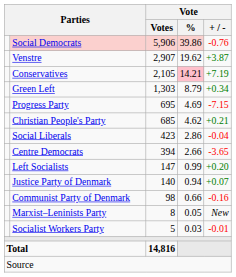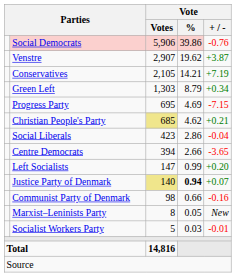 <table class="wikitable" style="text-align:right;">
 <tr>
 <th style="text-align:centre;" rowspan="2" colspan="2" width="225">Parties</th>
 <th colspan="3">Vote</th>
 </tr>
 <tr>
 <th width="15">Votes</th>
 <th width="15">%</th>
 <th width="15">+ / -</th>
 </tr>
 <tr>
 <td width="2" style="color:inherit;background:"></td>
 <td bgcolor=#fbd0ce  align="left"><a href='#'>Social Democrats</a></td>
 <td bgcolor=#fbd0ce>5,906</td>
 <td bgcolor=#fbd0ce>39.86</td>
 <td style=color:red;>-0.76</td>
 </tr>
 <tr>
 <td width="2" style="color:inherit;background:"></td>
 <td align="left"><a href='#'>Venstre</a></td>
 <td>2,907</td>
 <td>19.62</td>
 <td style=color:green;>+3.87</td>
 </tr>
 <tr>
 <td width="2" style="color:inherit;background:"></td>
 <td align="left"><a href='#'>Conservatives</a></td>
 <td>2,105</td>
-<td style="background: pink;">14.21</td>
+<td>14.21</td>
 <td style=color:green;>+7.19</td>
 </tr>
 <tr>
 <td width="2" style="color:inherit;background:"></td>
 <td align="left"><a href='#'>Green Left</a></td>
 <td>1,303</td>
 <td>8.79</td>
 <td style=color:green;>+0.34</td>
 </tr>
 <tr>
 <td width="2" style="color:inherit;background:"></td>
 <td align="left"><a href='#'>Progress Party</a></td>
 <td>695</td>
 <td>4.69</td>
 <td style=color:red;>-7.15</td>
 </tr>
 <tr>
 <td width="2" style="color:inherit;background:"></td>
 <td align="left"><a href='#'>Christian People's Party</a></td>
-<td>685</td>
+<td style="background: khaki;">685</td>
 <td>4.62</td>
 <td style=color:green;>+0.21</td>
 </tr>
 <tr>
 <td width="2" style="color:inherit;background:"></td>
 <td align="left"><a href='#'>Social Liberals</a></td>
 <td>423</td>
 <td>2.86</td>
 <td style=color:red;>-0.04</td>
 </tr>
 <tr>
 <td width="2" style="color:inherit;background:"></td>
 <td align="left"><a href='#'>Centre Democrats</a></td>
 <td>394</td>
 <td>2.66</td>
 <td style=color:red;>-3.65</td>
 </tr>
 <tr>
 <td width="2" style="color:inherit;background:"></td>
 <td align="left"><a href='#'>Left Socialists</a></td>
 <td>147</td>
 <td>0.99</td>
 <td style=color:green;>+0.20</td>
 </tr>
 <tr>
 <td width="2" style="color:inherit;background:"></td>
 <td align="left"><a href='#'>Justice Party of Denmark</a></td>
-<td>140</td>
-<td>0.94</td>
+<td style="background: khaki;">140</td>
+<td><strong>0.94</strong></td>
 <td style=color:green;>+0.07</td>
 </tr>
 <tr>
 <td width="2" style="color:inherit;background:"></td>
 <td align="left"><a href='#'>Communist Party of Denmark</a></td>
 <td>98</td>
 <td>0.66</td>
 <td style=color:red;>-0.16</td>
 </tr>
 <tr>
 <td width="2" style="color:inherit;background:"></td>
 <td align="left"><a href='#'>Marxist–Leninists Party</a></td>
 <td>8</td>
 <td>0.05</td>
 <td><em>New</em></td>
 </tr>
 <tr>
 <td width="2" style="color:inherit;background:"></td>
 <td align="left"><a href='#'>Socialist Workers Party</a></td>
 <td>5</td>
 <td>0.03</td>
 <td style=color:red;>-0.01</td>
 </tr>
 <tr>
 <td colspan="7" bgcolor="#E9E9E9"></td>
 </tr>
 <tr>
 <td align="left" colspan="2"><strong>Total</strong></td>
 <td><strong>14,816</strong></td>
 <td bgcolor="#E9E9E9" colspan="2"></td>
 </tr>
 <tr>
 <td align="left" colspan="6">Source</td>
 </tr>
 </table>
